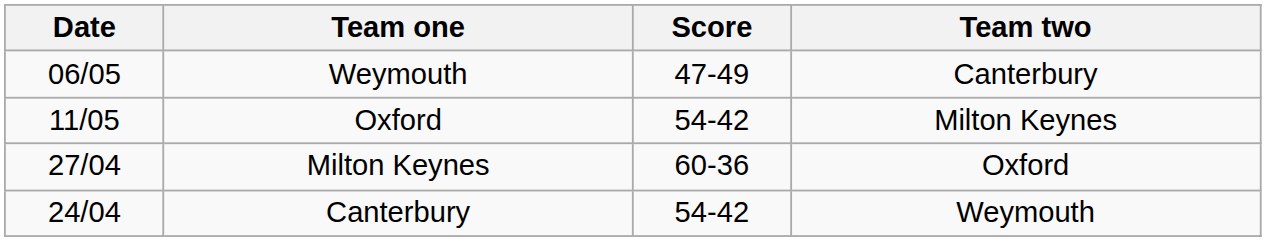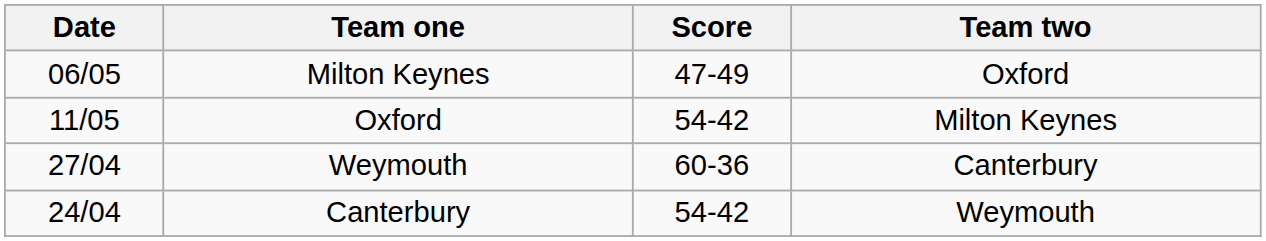 <table class="wikitable" style="text-align: center">
 <tr>
 <th width=80>Date</th>
 <th width=250>Team one</th>
 <th width=80>Score</th>
 <th width=250>Team two</th>
 </tr>
 <tr>
 <td>06/05</td>
-<td>Weymouth</td>
+<td>Milton Keynes</td>
 <td>47-49</td>
-<td>Canterbury</td>
+<td>Oxford</td>
 </tr>
 <tr>
 <td>11/05</td>
 <td>Oxford</td>
 <td>54-42</td>
 <td>Milton Keynes</td>
 </tr>
 <tr>
 <td>27/04</td>
-<td>Milton Keynes</td>
+<td>Weymouth</td>
 <td>60-36</td>
-<td>Oxford</td>
+<td>Canterbury</td>
 </tr>
 <tr>
 <td>24/04</td>
 <td>Canterbury</td>
 <td>54-42</td>
 <td>Weymouth</td>
 </tr>
 </table>
